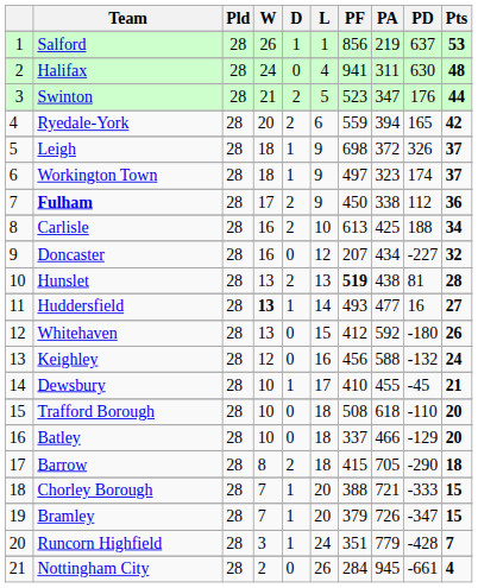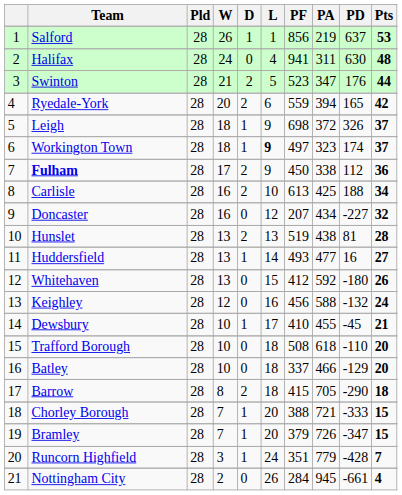 <table class="wikitable" style="text-align:center;">
 <tr>
 <th width=20 abbr="Position"></th>
 <th width=175>Team</th>
 <th width=20 abbr="Played">Pld</th>
 <th width=20 abbr="Won">W</th>
 <th width=20 abbr="Drawn">D</th>
 <th width=20 abbr="Lost">L</th>
 <th width=20 abbr="Points for">PF</th>
 <th width=20 abbr="Points against">PA</th>
 <th width=25 abbr="Points difference">PD</th>
 <th width=20 abbr="Points">Pts</th>
 </tr>
 <tr>
 </tr>
 <tr |- align=center style="background:#cfc;">
 <td>1</td>
 <td align=left style="background#cfc:"><a href='#'>Salford</a></td>
 <td>28</td>
 <td>26</td>
 <td>1</td>
 <td>1</td>
 <td>856</td>
 <td>219</td>
 <td>637</td>
 <td><strong>53</strong></td>
 </tr>
 <tr --->
 </tr>
 <tr align=center style="background:#cfc;">
 <td>2</td>
 <td align=left style="background#cfc:"><a href='#'>Halifax</a></td>
 <td>28</td>
 <td>24</td>
 <td>0</td>
 <td>4</td>
 <td>941</td>
 <td>311</td>
 <td>630</td>
 <td><strong>48</strong></td>
 </tr>
 <tr --->
 </tr>
 <tr align=center style="background:#cfc;">
 <td>3</td>
 <td align=left style="background#cfc:"><a href='#'>Swinton</a></td>
 <td>28</td>
 <td>21</td>
 <td>2</td>
 <td>5</td>
 <td>523</td>
 <td>347</td>
 <td>176</td>
 <td><strong>44</strong></td>
 </tr>
 <tr --->
 </tr>
 <tr align=left style="background:">
 <td>4</td>
 <td><a href='#'>Ryedale-York</a></td>
 <td>28</td>
 <td>20</td>
 <td>2</td>
 <td>6</td>
 <td>559</td>
 <td>394</td>
 <td>165</td>
 <td><strong>42</strong></td>
 </tr>
 <tr --->
 </tr>
 <tr align=left style="background:">
 <td>5</td>
 <td><a href='#'>Leigh</a></td>
 <td>28</td>
 <td>18</td>
 <td>1</td>
 <td>9</td>
 <td>698</td>
 <td>372</td>
 <td>326</td>
 <td><strong>37</strong></td>
 </tr>
 <tr --->
 </tr>
 <tr align=left style="background:">
 <td>6</td>
 <td><a href='#'>Workington Town</a></td>
 <td>28</td>
 <td>18</td>
 <td>1</td>
-<td>9</td>
+<td><strong>9</strong></td>
 <td>497</td>
 <td>323</td>
 <td>174</td>
 <td><strong>37</strong></td>
 </tr>
 <tr --->
 </tr>
 <tr align=left style="background:">
 <td>7</td>
 <td><strong><a href='#'>Fulham</a></strong></td>
 <td>28</td>
 <td>17</td>
 <td>2</td>
 <td>9</td>
 <td>450</td>
 <td>338</td>
 <td>112</td>
 <td><strong>36</strong></td>
 </tr>
 <tr --->
 </tr>
 <tr align=left style="background:">
 <td>8</td>
 <td><a href='#'>Carlisle</a></td>
 <td>28</td>
 <td>16</td>
 <td>2</td>
 <td>10</td>
 <td>613</td>
 <td>425</td>
 <td>188</td>
 <td><strong>34</strong></td>
 </tr>
 <tr --->
 </tr>
 <tr align=left style="background:">
 <td>9</td>
 <td><a href='#'>Doncaster</a></td>
 <td>28</td>
 <td>16</td>
 <td>0</td>
 <td>12</td>
 <td>207</td>
 <td>434</td>
 <td>-227</td>
 <td><strong>32</strong></td>
 </tr>
 <tr --->
 </tr>
 <tr align=left style="background:">
 <td>10</td>
 <td><a href='#'>Hunslet</a></td>
 <td>28</td>
 <td>13</td>
 <td>2</td>
 <td>13</td>
-<td><strong>519</strong></td>
+<td>519</td>
 <td>438</td>
 <td>81</td>
 <td><strong>28</strong></td>
 </tr>
 <tr --->
 </tr>
 <tr align=left style="background:">
 <td>11</td>
 <td><a href='#'>Huddersfield</a></td>
 <td>28</td>
-<td><strong>13</strong></td>
+<td>13</td>
 <td>1</td>
 <td>14</td>
 <td>493</td>
 <td>477</td>
 <td>16</td>
 <td><strong>27</strong></td>
 </tr>
 <tr --->
 </tr>
 <tr align=left style="background:">
 <td>12</td>
 <td><a href='#'>Whitehaven</a></td>
 <td>28</td>
 <td>13</td>
 <td>0</td>
 <td>15</td>
 <td>412</td>
 <td>592</td>
 <td>-180</td>
 <td><strong>26</strong></td>
 </tr>
 <tr --->
 </tr>
 <tr align=left style="background:">
 <td>13</td>
 <td><a href='#'>Keighley</a></td>
 <td>28</td>
 <td>12</td>
 <td>0</td>
 <td>16</td>
 <td>456</td>
 <td>588</td>
 <td>-132</td>
 <td><strong>24</strong></td>
 </tr>
 <tr --->
 </tr>
 <tr align=left style="background:">
 <td>14</td>
 <td><a href='#'>Dewsbury</a></td>
 <td>28</td>
 <td>10</td>
 <td>1</td>
 <td>17</td>
 <td>410</td>
 <td>455</td>
 <td>-45</td>
 <td><strong>21</strong></td>
 </tr>
 <tr --->
 </tr>
 <tr align=left style="background:">
 <td>15</td>
 <td><a href='#'>Trafford Borough</a></td>
 <td>28</td>
 <td>10</td>
 <td>0</td>
 <td>18</td>
 <td>508</td>
 <td>618</td>
 <td>-110</td>
 <td><strong>20</strong></td>
 </tr>
 <tr --->
 </tr>
 <tr align=left style="background:">
 <td>16</td>
 <td><a href='#'>Batley</a></td>
 <td>28</td>
 <td>10</td>
 <td>0</td>
 <td>18</td>
 <td>337</td>
 <td>466</td>
 <td>-129</td>
 <td><strong>20</strong></td>
 </tr>
 <tr --->
 </tr>
 <tr align=left style="background:">
 <td>17</td>
 <td><a href='#'>Barrow</a></td>
 <td>28</td>
 <td>8</td>
 <td>2</td>
 <td>18</td>
 <td>415</td>
 <td>705</td>
 <td>-290</td>
 <td><strong>18</strong></td>
 </tr>
 <tr --->
 </tr>
 <tr align=left style="background:">
 <td>18</td>
 <td><a href='#'>Chorley Borough</a></td>
 <td>28</td>
 <td>7</td>
 <td>1</td>
 <td>20</td>
 <td>388</td>
 <td>721</td>
 <td>-333</td>
 <td><strong>15</strong></td>
 </tr>
 <tr --->
 </tr>
 <tr align=left style="background:">
 <td>19</td>
 <td><a href='#'>Bramley</a></td>
 <td>28</td>
 <td>7</td>
 <td>1</td>
 <td>20</td>
 <td>379</td>
 <td>726</td>
 <td>-347</td>
 <td><strong>15</strong></td>
 </tr>
 <tr --->
 </tr>
 <tr align=left style="background:">
 <td>20</td>
 <td><a href='#'>Runcorn Highfield</a></td>
 <td>28</td>
 <td>3</td>
 <td>1</td>
 <td>24</td>
 <td>351</td>
 <td>779</td>
 <td>-428</td>
 <td><strong>7</strong></td>
 </tr>
 <tr --->
 </tr>
 <tr align=left style="background:">
 <td>21</td>
 <td><a href='#'>Nottingham City</a></td>
 <td>28</td>
 <td>2</td>
 <td>0</td>
 <td>26</td>
 <td>284</td>
 <td>945</td>
 <td>-661</td>
 <td><strong>4</strong></td>
 </tr>
 </table>
